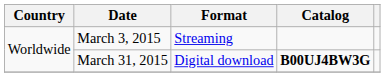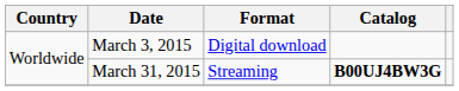 <table class="wikitable">
 <tr>
 <th>Country</th>
 <th>Date</th>
 <th>Format</th>
 <th>Catalog </th>
 <th></th>
 </tr>
 <tr>
 <td rowspan="2">Worldwide</td>
 <td>March 3, 2015</td>
-<td><a href='#'>Streaming</a></td>
+<td><a href='#'>Digital download</a></td>
 <td></td>
 <td></td>
 </tr>
 <tr>
 <td>March 31, 2015</td>
-<td><a href='#'>Digital download</a></td>
+<td><a href='#'>Streaming</a></td>
 <td><strong>B00UJ4BW3G</strong></td>
 <td></td>
 </tr>
 <tr>
 </tr>
 </table>
